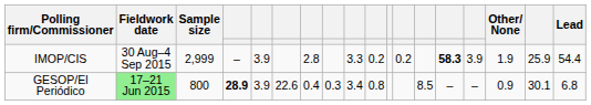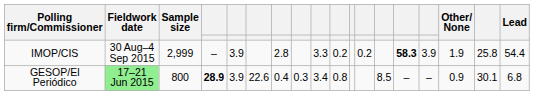 <table class="wikitable collapsible collapsed" style="text-align:center; font-size:90%; line-height:14px;">
 <tr style="height:42px;">
 <th style="width:250px;" rowspan="2">Polling firm/Commissioner</th>
 <th style="width:125px;" rowspan="2">Fieldwork date</th>
 <th style="width:50px;" rowspan="2">Sample size</th>
 <th style="width:35px;"></th>
 <th style="width:35px;"></th>
 <th style="width:35px;"></th>
 <th style="width:35px;"></th>
 <th style="width:35px;"></th>
 <th style="width:35px;"></th>
 <th style="width:35px;"></th>
 <th style="width:35px;"></th>
 <th style="width:35px;"></th>
 <th style="width:35px;"></th>
 <th style="width:35px;"></th>
 <th style="width:35px;"></th>
 <th style="width:35px;" rowspan="2">Other/<br>None</th>
 <th style="width:35px;" rowspan="2"></th>
 <th style="width:30px;" rowspan="2">Lead</th>
 </tr>
 <tr>
 <th style="color:inherit;background:"></th>
 <th style="color:inherit;background:"></th>
 <th style="color:inherit;background:"></th>
 <th style="color:inherit;background:"></th>
 <th style="color:inherit;background:"></th>
 <th style="color:inherit;background:"></th>
 <th style="color:inherit;background:"></th>
 <th style="color:inherit;background:"></th>
 <th style="color:inherit;background:"></th>
 <th style="color:inherit;background:"></th>
 <th style="color:inherit;background:"></th>
 <th style="color:inherit;background:"></th>
 </tr>
 <tr>
 <td>IMOP/CIS</td>
 <td>30 Aug–4 Sep 2015</td>
 <td>2,999</td>
 <td>–</td>
 <td>3.9</td>
 <td></td>
 <td>2.8</td>
 <td></td>
 <td>3.3</td>
 <td>0.2</td>
 <td></td>
 <td>0.2</td>
 <td></td>
 <td><strong>58.3</strong></td>
 <td>3.9</td>
 <td>1.9</td>
-<td>25.9</td>
+<td>25.8</td>
 <td style="background:">54.4</td>
 </tr>
 <tr>
 <td>GESOP/El Periódico</td>
 <td style="background: lightgreen;">17–21 Jun 2015</td>
 <td>800</td>
 <td><strong>28.9</strong></td>
 <td>3.9</td>
 <td>22.6</td>
 <td>0.4</td>
 <td>0.3</td>
 <td>3.4</td>
 <td>0.8</td>
 <td></td>
 <td></td>
 <td>8.5</td>
 <td>–</td>
 <td>–</td>
 <td>0.9</td>
 <td>30.1</td>
 <td style="background:">6.8</td>
 </tr>
 </table>
